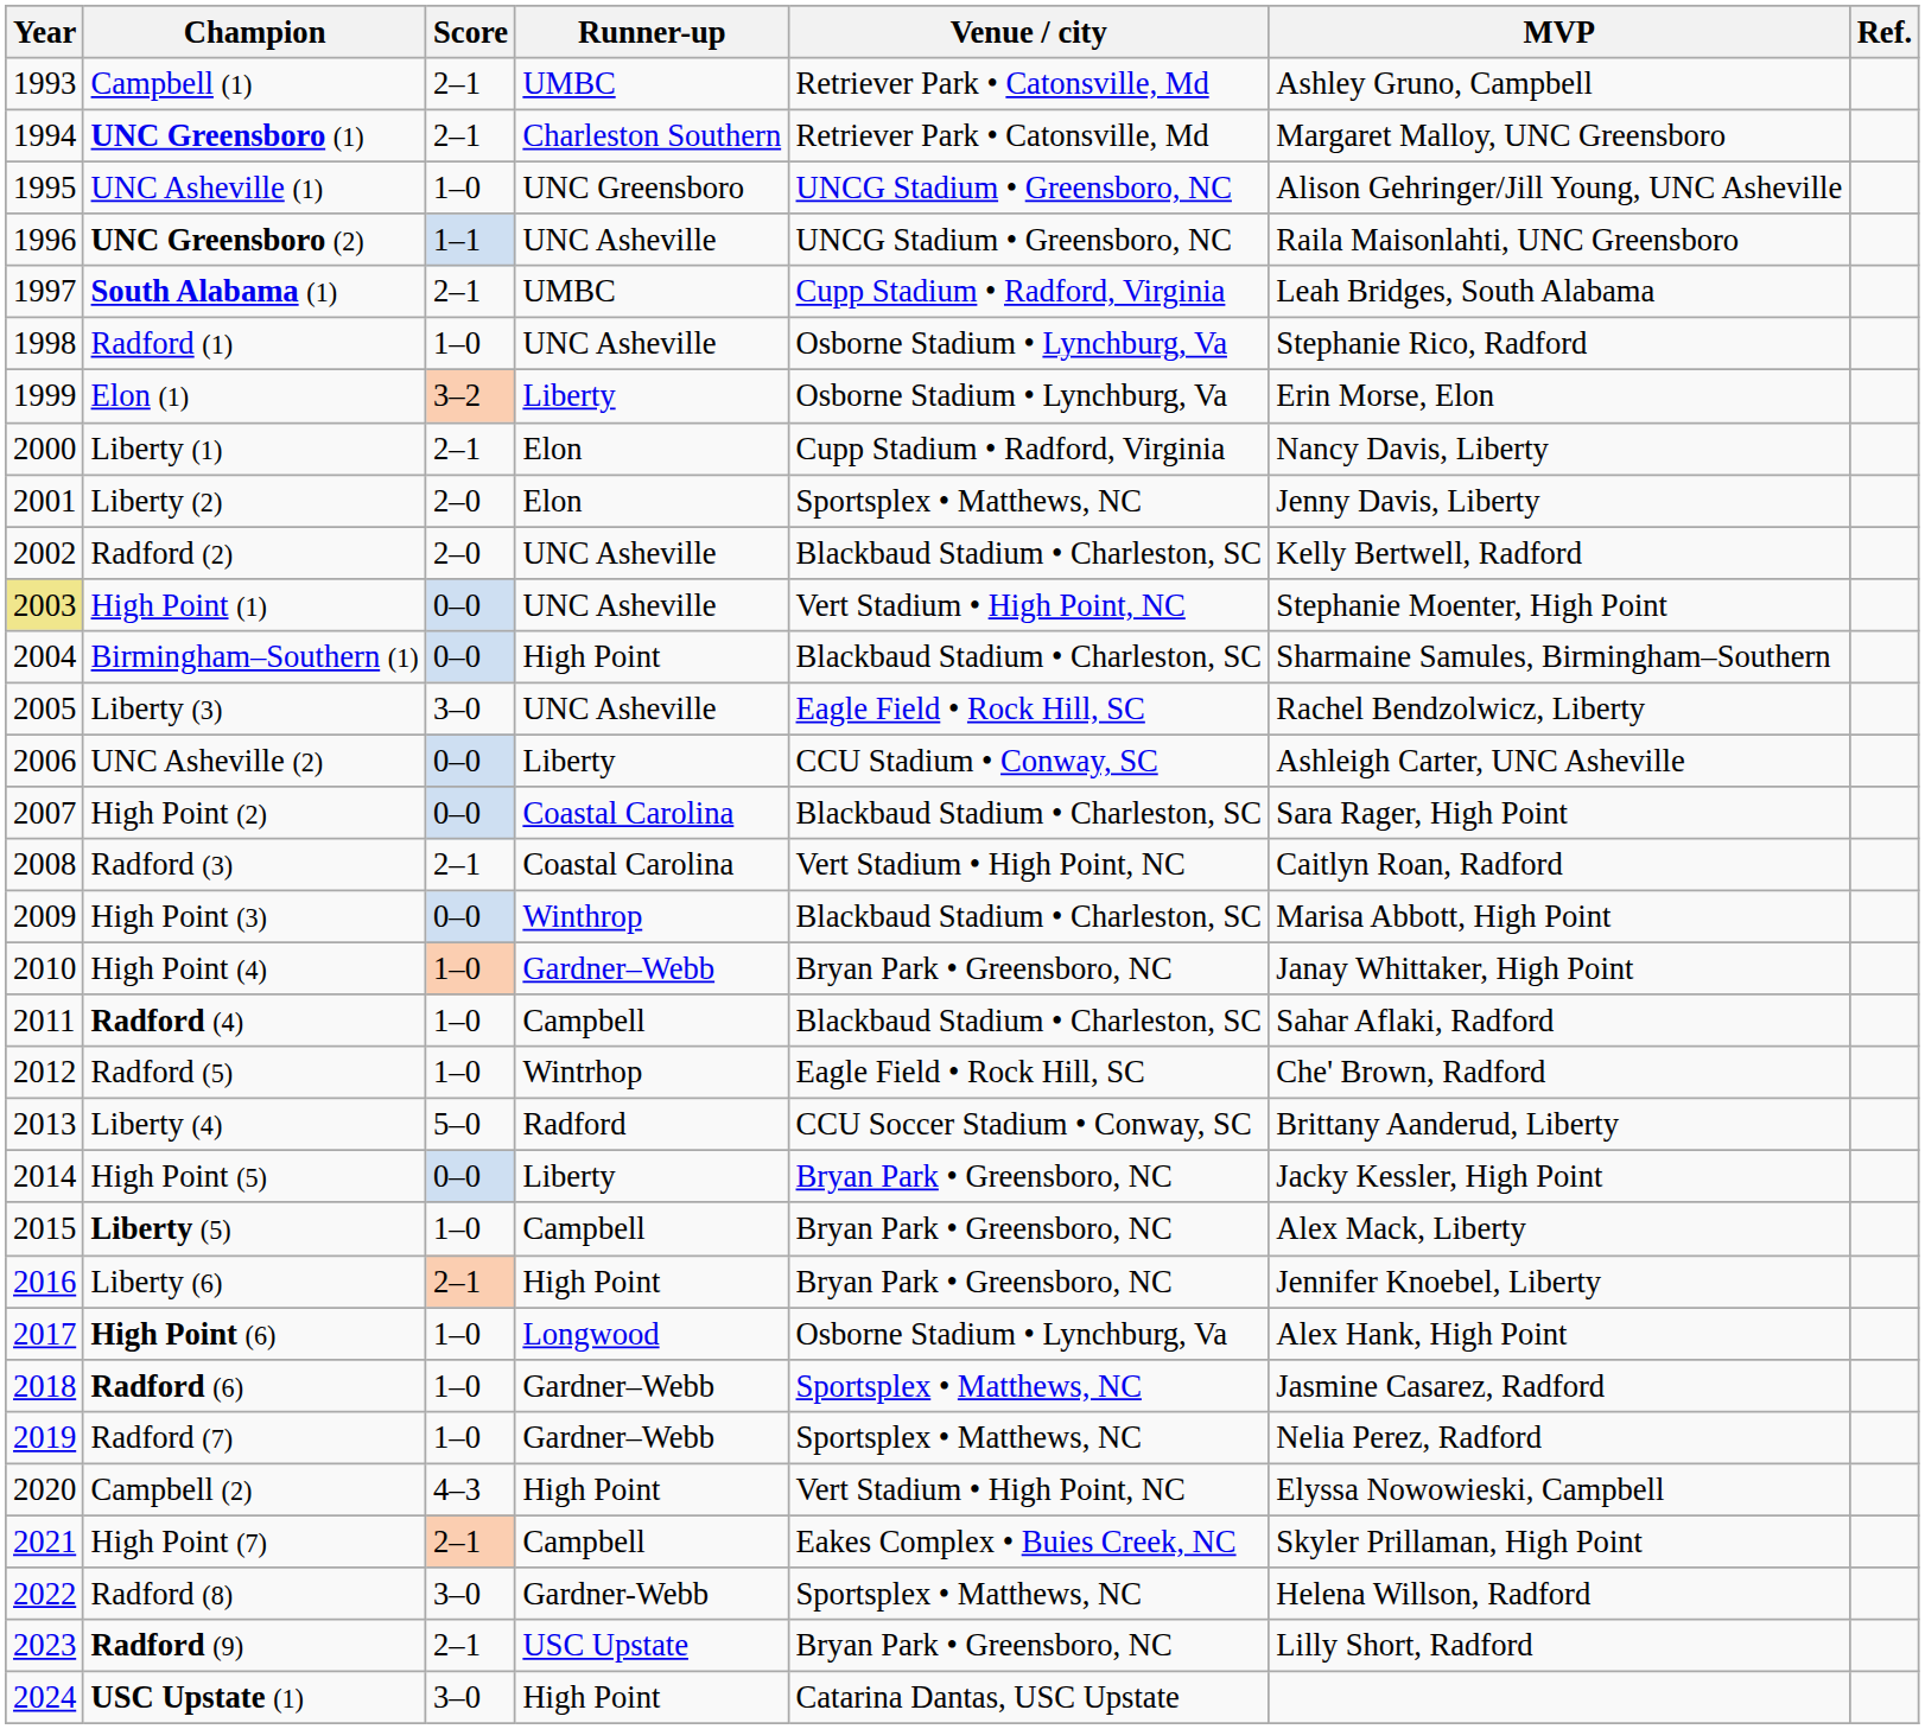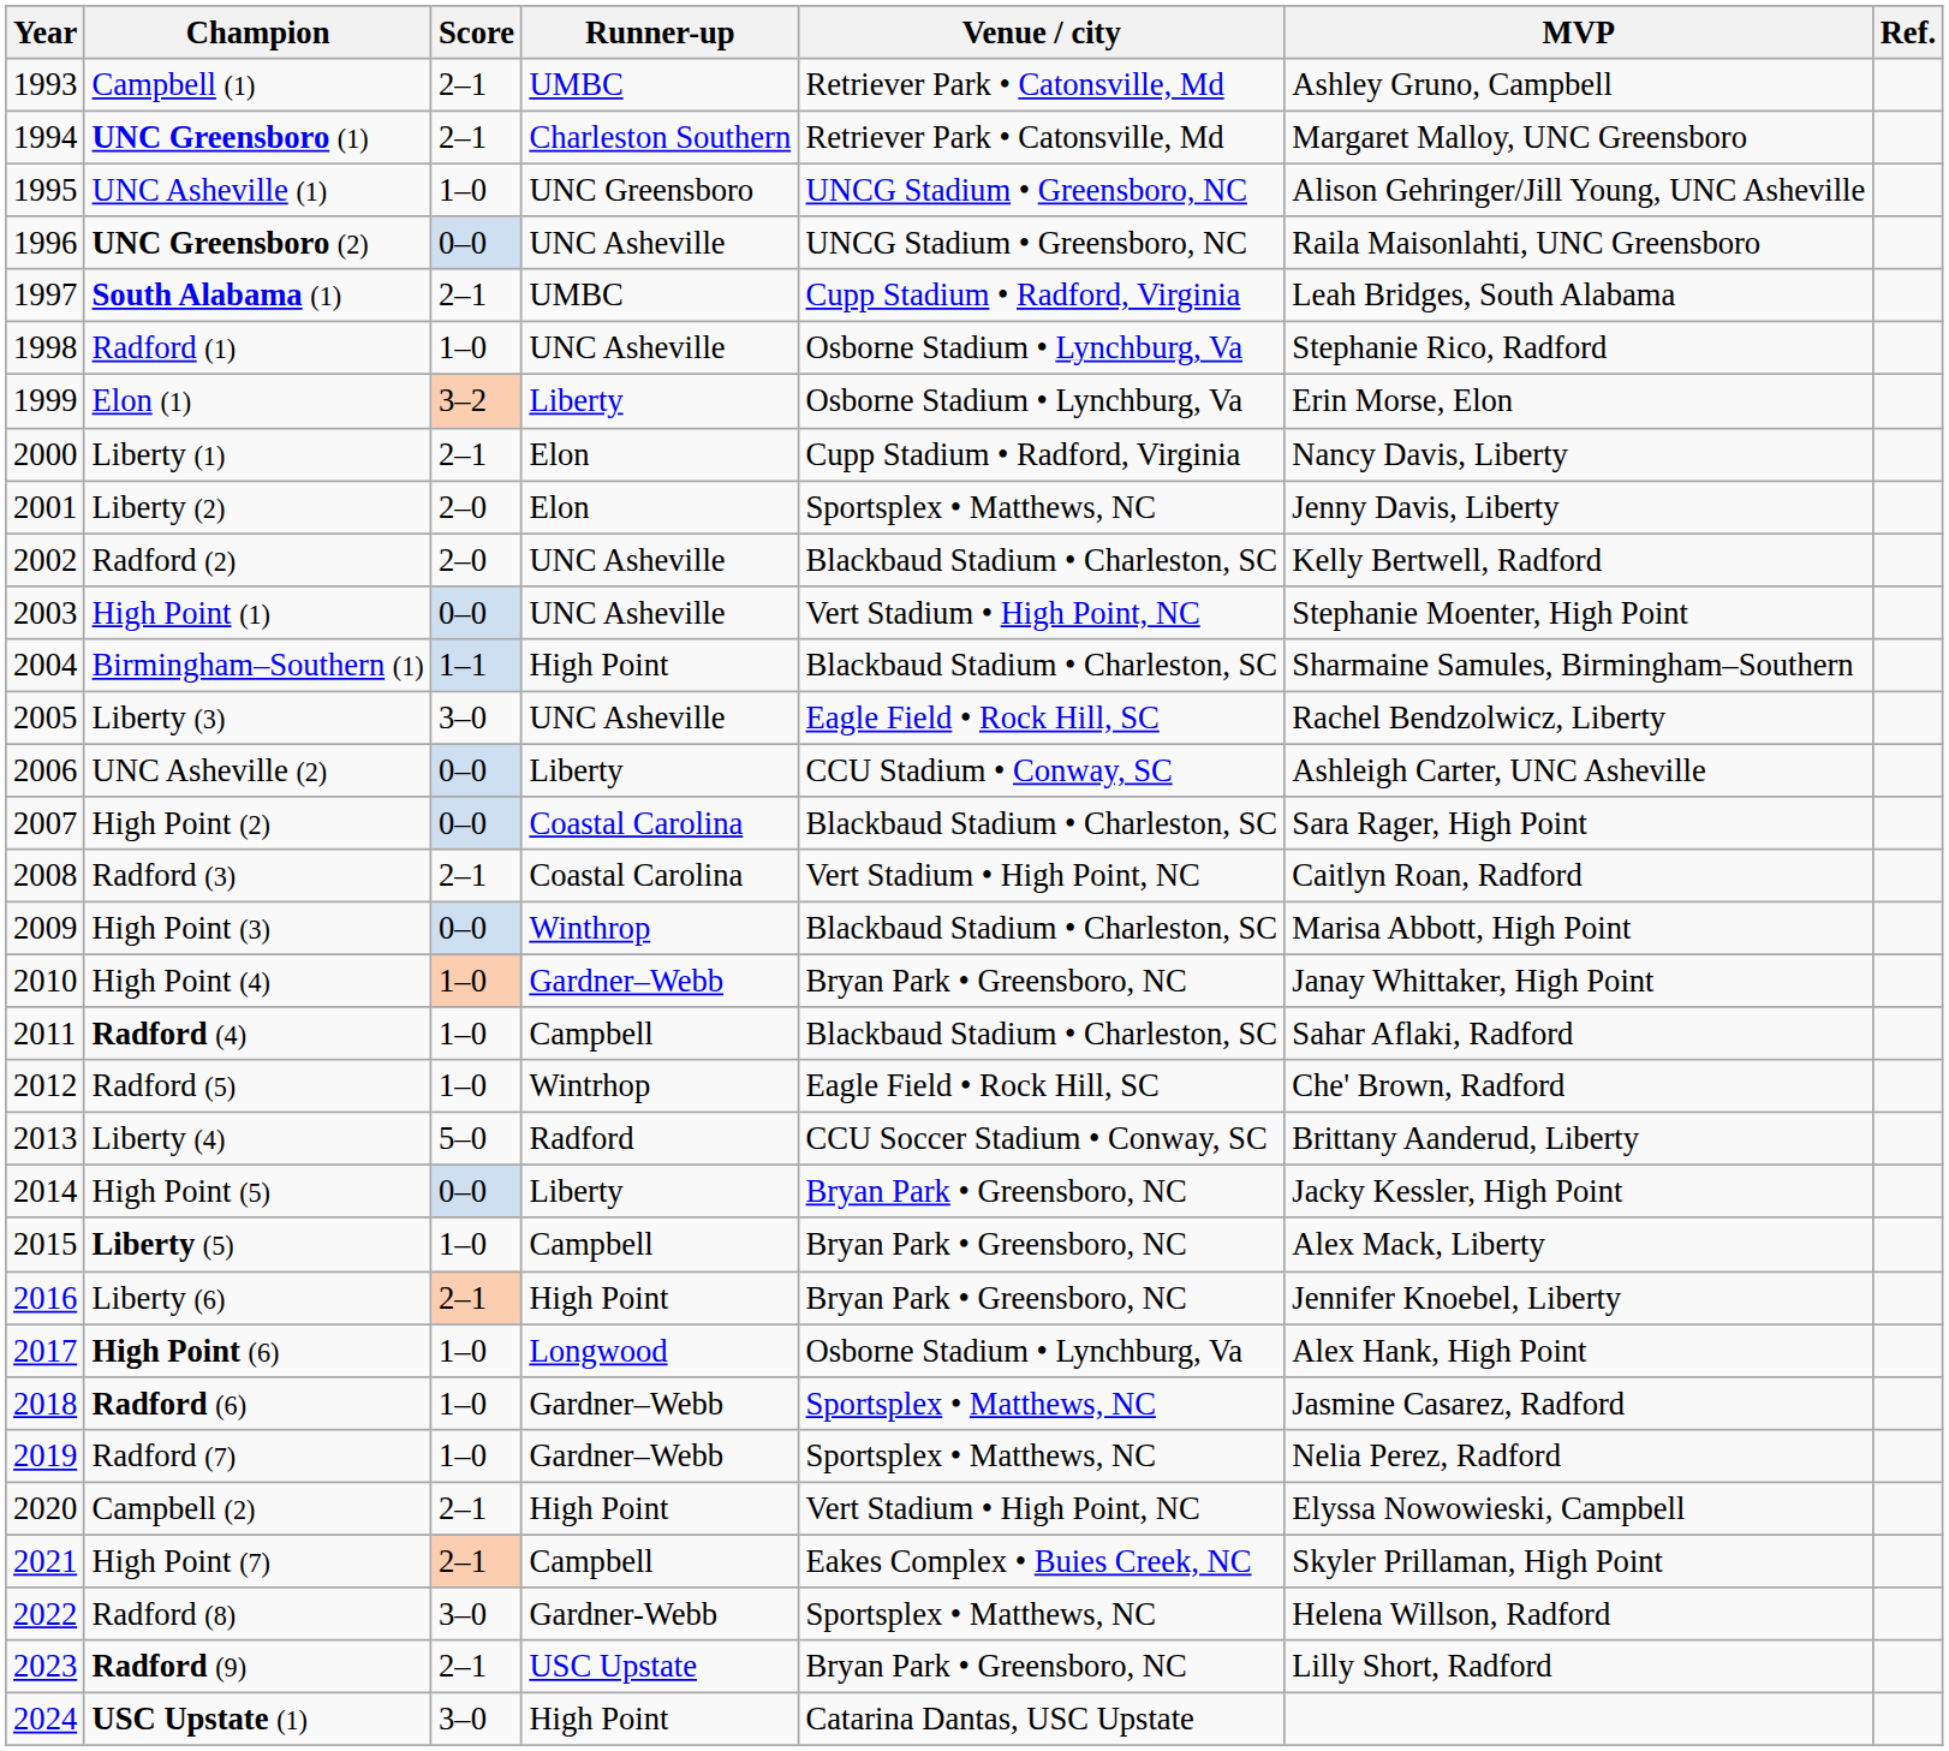 <table class="wikitable sortable" style="font-size: 95%;">
 <tr>
 <th width=px>Year</th>
 <th width=px>Champion</th>
 <th width=px>Score</th>
 <th width=px>Runner-up</th>
 <th width=px>Venue / city</th>
 <th width=px>MVP</th>
 <th width=px>Ref.</th>
 </tr>
 <tr>
 <td>1993</td>
 <td><a href='#'>Campbell</a> <small>(1)</small></td>
 <td>2–1</td>
 <td><a href='#'>UMBC</a></td>
 <td>Retriever Park • <a href='#'>Catonsville, Md</a></td>
 <td>Ashley Gruno, Campbell</td>
 <td></td>
 </tr>
 <tr>
 <td>1994</td>
 <td><strong><a href='#'>UNC Greensboro</a></strong> <small>(1)</small></td>
 <td>2–1</td>
 <td><a href='#'>Charleston Southern</a></td>
 <td>Retriever Park • Catonsville, Md</td>
 <td>Margaret Malloy, UNC Greensboro</td>
 <td></td>
 </tr>
 <tr>
 <td>1995</td>
 <td><a href='#'>UNC Asheville</a> <small>(1)</small></td>
 <td>1–0</td>
 <td>UNC Greensboro</td>
 <td><a href='#'>UNCG Stadium</a> • <a href='#'>Greensboro, NC</a></td>
 <td>Alison Gehringer/Jill Young, UNC Asheville</td>
 <td></td>
 </tr>
 <tr>
 <td>1996</td>
 <td><strong>UNC Greensboro</strong> <small>(2)</small></td>
-<td style="background-color:#cedff2">1–1 </td>
+<td style="background-color:#cedff2">0–0 </td>
 <td>UNC Asheville</td>
 <td>UNCG Stadium • Greensboro, NC</td>
 <td>Raila Maisonlahti, UNC Greensboro</td>
 <td></td>
 </tr>
 <tr>
 <td>1997</td>
 <td><strong><a href='#'>South Alabama</a></strong> <small>(1)</small></td>
 <td>2–1</td>
 <td>UMBC</td>
 <td><a href='#'>Cupp Stadium</a> • <a href='#'>Radford, Virginia</a></td>
 <td>Leah Bridges, South Alabama</td>
 <td></td>
 </tr>
 <tr>
 <td>1998</td>
 <td><a href='#'>Radford</a> <small>(1)</small></td>
 <td>1–0</td>
 <td>UNC Asheville</td>
 <td>Osborne Stadium • <a href='#'>Lynchburg, Va</a></td>
 <td>Stephanie Rico, Radford</td>
 <td></td>
 </tr>
 <tr>
 <td>1999</td>
 <td><a href='#'>Elon</a> <small>(1)</small></td>
 <td style="background-color:#FBCEB1">3–2 </td>
 <td><a href='#'>Liberty</a></td>
 <td>Osborne Stadium • Lynchburg, Va</td>
 <td>Erin Morse, Elon</td>
 <td></td>
 </tr>
 <tr>
 <td>2000</td>
 <td>Liberty <small>(1)</small></td>
 <td>2–1</td>
 <td>Elon</td>
 <td>Cupp Stadium • Radford, Virginia</td>
 <td>Nancy Davis, Liberty</td>
 <td></td>
 </tr>
 <tr>
 <td>2001</td>
 <td>Liberty <small>(2)</small></td>
 <td>2–0</td>
 <td>Elon</td>
 <td>Sportsplex • Matthews, NC</td>
 <td>Jenny Davis, Liberty</td>
 <td></td>
 </tr>
 <tr>
 <td>2002</td>
 <td>Radford <small>(2)</small></td>
 <td>2–0</td>
 <td>UNC Asheville</td>
 <td>Blackbaud Stadium • Charleston, SC</td>
 <td>Kelly Bertwell, Radford</td>
 <td></td>
 </tr>
 <tr>
-<td style="background: khaki;">2003</td>
+<td>2003</td>
 <td><a href='#'>High Point</a> <small>(1)</small></td>
 <td style="background-color:#cedff2">0–0 </td>
 <td>UNC Asheville</td>
 <td>Vert Stadium • <a href='#'>High Point, NC</a></td>
 <td>Stephanie Moenter, High Point</td>
 <td></td>
 </tr>
 <tr>
 <td>2004</td>
 <td><a href='#'>Birmingham–Southern</a> <small>(1)</small></td>
-<td style="background-color:#cedff2">0–0 </td>
+<td style="background-color:#cedff2">1–1 </td>
 <td>High Point</td>
 <td>Blackbaud Stadium • Charleston, SC</td>
 <td>Sharmaine Samules, Birmingham–Southern</td>
 <td></td>
 </tr>
 <tr>
 <td>2005</td>
 <td>Liberty <small>(3)</small></td>
 <td>3–0</td>
 <td>UNC Asheville</td>
 <td><a href='#'>Eagle Field</a> • <a href='#'>Rock Hill, SC</a></td>
 <td>Rachel Bendzolwicz, Liberty</td>
 <td></td>
 </tr>
 <tr>
 <td>2006</td>
 <td>UNC Asheville <small>(2)</small></td>
 <td style="background-color:#cedff2">0–0 </td>
 <td>Liberty</td>
 <td>CCU Stadium • <a href='#'>Conway, SC</a></td>
 <td>Ashleigh Carter, UNC Asheville</td>
 <td></td>
 </tr>
 <tr>
 <td>2007</td>
 <td>High Point <small>(2)</small></td>
 <td style="background-color:#cedff2">0–0 </td>
 <td><a href='#'>Coastal Carolina</a></td>
 <td>Blackbaud Stadium • Charleston, SC</td>
 <td>Sara Rager, High Point</td>
 <td></td>
 </tr>
 <tr>
 <td>2008</td>
 <td>Radford <small>(3)</small></td>
 <td>2–1</td>
 <td>Coastal Carolina</td>
 <td>Vert Stadium • High Point, NC</td>
 <td>Caitlyn Roan, Radford</td>
 <td></td>
 </tr>
 <tr>
 <td>2009</td>
 <td>High Point <small>(3)</small></td>
 <td style="background-color:#cedff2">0–0 </td>
 <td><a href='#'>Winthrop</a></td>
 <td>Blackbaud Stadium • Charleston, SC</td>
 <td>Marisa Abbott, High Point</td>
 <td></td>
 </tr>
 <tr>
 <td>2010</td>
 <td>High Point <small>(4)</small></td>
 <td style="background-color:#FBCEB1">1–0 </td>
 <td><a href='#'>Gardner–Webb</a></td>
 <td>Bryan Park • Greensboro, NC</td>
 <td>Janay Whittaker, High Point</td>
 <td></td>
 </tr>
 <tr>
 <td>2011</td>
 <td><strong>Radford</strong> <small>(4)</small></td>
 <td>1–0</td>
 <td>Campbell</td>
 <td>Blackbaud Stadium • Charleston, SC</td>
 <td>Sahar Aflaki, Radford</td>
 <td></td>
 </tr>
 <tr>
 <td>2012</td>
 <td>Radford <small>(5)</small></td>
 <td>1–0</td>
 <td>Wintrhop</td>
 <td>Eagle Field • Rock Hill, SC</td>
 <td>Che' Brown, Radford</td>
 <td></td>
 </tr>
 <tr>
 <td>2013</td>
 <td>Liberty <small>(4)</small></td>
 <td>5–0</td>
 <td>Radford</td>
 <td>CCU Soccer Stadium • Conway, SC</td>
 <td>Brittany Aanderud, Liberty</td>
 <td></td>
 </tr>
 <tr>
 <td>2014</td>
 <td>High Point <small>(5)</small></td>
 <td style="background-color:#cedff2">0–0 </td>
 <td>Liberty</td>
 <td><a href='#'>Bryan Park</a> • Greensboro, NC</td>
 <td>Jacky Kessler, High Point</td>
 <td></td>
 </tr>
 <tr>
 <td>2015</td>
 <td><strong>Liberty</strong> <small>(5)</small></td>
 <td>1–0</td>
 <td>Campbell</td>
 <td>Bryan Park • Greensboro, NC</td>
 <td>Alex Mack, Liberty</td>
 <td></td>
 </tr>
 <tr>
 <td><a href='#'>2016</a></td>
 <td>Liberty <small>(6)</small></td>
 <td style="background-color:#FBCEB1">2–1 </td>
 <td>High Point</td>
 <td>Bryan Park • Greensboro, NC</td>
 <td>Jennifer Knoebel, Liberty</td>
 <td></td>
 </tr>
 <tr>
 <td><a href='#'>2017</a></td>
 <td><strong>High Point</strong> <small>(6)</small></td>
 <td>1–0</td>
 <td><a href='#'>Longwood</a></td>
 <td>Osborne Stadium • Lynchburg, Va</td>
 <td>Alex Hank, High Point</td>
 <td></td>
 </tr>
 <tr>
 <td><a href='#'>2018</a></td>
 <td><strong>Radford</strong> <small>(6)</small></td>
 <td>1–0</td>
 <td>Gardner–Webb</td>
 <td><a href='#'>Sportsplex</a> • <a href='#'>Matthews, NC</a></td>
 <td>Jasmine Casarez, Radford</td>
 <td></td>
 </tr>
 <tr>
 <td><a href='#'>2019</a></td>
 <td>Radford <small>(7)</small></td>
 <td>1–0</td>
 <td>Gardner–Webb</td>
 <td>Sportsplex • Matthews, NC</td>
 <td>Nelia Perez, Radford</td>
 <td></td>
 </tr>
 <tr>
 <td>2020</td>
 <td>Campbell <small>(2)</small></td>
-<td>4–3</td>
+<td>2–1</td>
 <td>High Point</td>
 <td>Vert Stadium • High Point, NC</td>
 <td>Elyssa Nowowieski, Campbell</td>
 <td></td>
 </tr>
 <tr>
 <td><a href='#'>2021</a></td>
 <td>High Point <small>(7)</small></td>
 <td style="background-color:#FBCEB1">2–1 </td>
 <td>Campbell</td>
 <td>Eakes Complex • <a href='#'>Buies Creek, NC</a></td>
 <td>Skyler Prillaman, High Point</td>
 <td></td>
 </tr>
 <tr>
 <td><a href='#'>2022</a></td>
 <td>Radford <small>(8)</small></td>
 <td>3–0</td>
 <td>Gardner-Webb</td>
 <td>Sportsplex • Matthews, NC</td>
 <td>Helena Willson, Radford</td>
 <td></td>
 </tr>
 <tr>
 <td><a href='#'>2023</a></td>
 <td><strong>Radford</strong> <small>(9)</small></td>
 <td>2–1</td>
 <td><a href='#'>USC Upstate</a></td>
 <td>Bryan Park • Greensboro, NC</td>
 <td>Lilly Short, Radford</td>
 <td></td>
 </tr>
 <tr>
 <td><a href='#'>2024</a></td>
 <td><strong>USC Upstate</strong> <small>(1)</small></td>
 <td>3–0</td>
 <td>High Point</td>
 <td>Catarina Dantas, USC Upstate</td>
 <td></td>
 </tr>
 </table>
